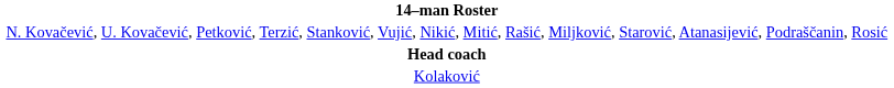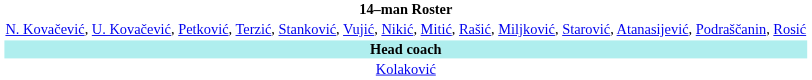 <table style="text-align: center; margin-top: 2em; margin-left: auto; margin-right: auto">
 <tr>
 <td><strong>14–man Roster</strong></td>
 </tr>
 <tr>
 <td><a href='#'>N. Kovačević</a>, <a href='#'>U. Kovačević</a>, <a href='#'>Petković</a>, <a href='#'>Terzić</a>, <a href='#'>Stanković</a>, <a href='#'>Vujić</a>, <a href='#'>Nikić</a>, <a href='#'>Mitić</a>, <a href='#'>Rašić</a>, <a href='#'>Miljković</a>, <a href='#'>Starović</a>, <a href='#'>Atanasijević</a>, <a href='#'>Podraščanin</a>, <a href='#'>Rosić</a></td>
 </tr>
 <tr>
-<td><strong>Head coach</strong></td>
+<td style="background: paleturquoise;"><strong>Head coach</strong></td>
 </tr>
 <tr>
 <td><a href='#'>Kolaković</a></td>
 </tr>
 </table>
